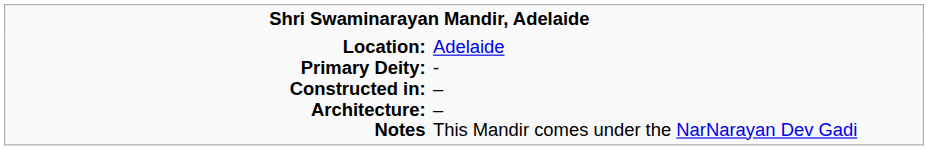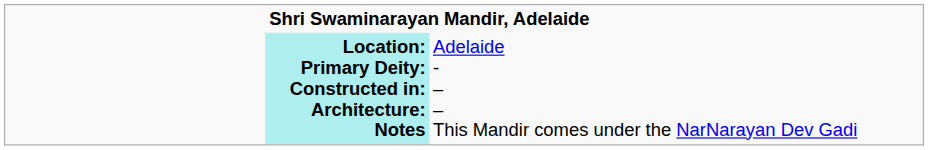 <table class="wikitable plain" border="0" width="800">
 <tr>
 <td width="220px" rowspan="2" style="border:none;"></td>
 <td valign="top" colspan=2 style="border:none;"><strong>Shri Swaminarayan Mandir, Adelaide</strong></td>
 </tr>
 <tr>
-<td valign="top" style="text-align:right; border:none;"><strong>Location:</strong> <br><strong>Primary Deity:</strong><br><strong>Constructed in:</strong><br><strong>Architecture:</strong><br><strong>Notes</strong></td>
+<td valign="top" style="background: paleturquoise; text-align:right; border:none;"><strong>Location:</strong> <br><strong>Primary Deity:</strong><br><strong>Constructed in:</strong><br><strong>Architecture:</strong><br><strong>Notes</strong></td>
 <td valign="top" style="border:none;"><a href='#'>Adelaide</a> <br>- <br>– <br>– <br>This Mandir comes under the <a href='#'>NarNarayan Dev Gadi</a></td>
 </tr>
 </table>
